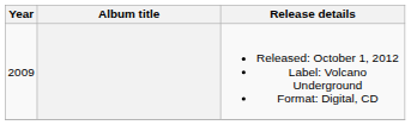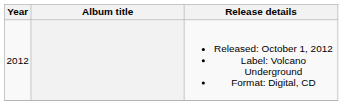 <table class="wikitable plainrowheaders" style="text-align:center;">
 <tr>
 <th>Year</th>
 <th scope="col" rowspan="1" style="width:15em;">Album title</th>
 <th scope="col" rowspan="1" style="width:15em;">Release details</th>
 </tr>
 <tr>
-<td>2009</td>
+<td>2012</td>
 <th></th>
 <td><br><ul><li>Released: October 1, 2012</li><li>Label: Volcano Underground</li><li>Format:  Digital,  CD</li></ul></td>
 </tr>
 <tr>
 </tr>
 </table>
